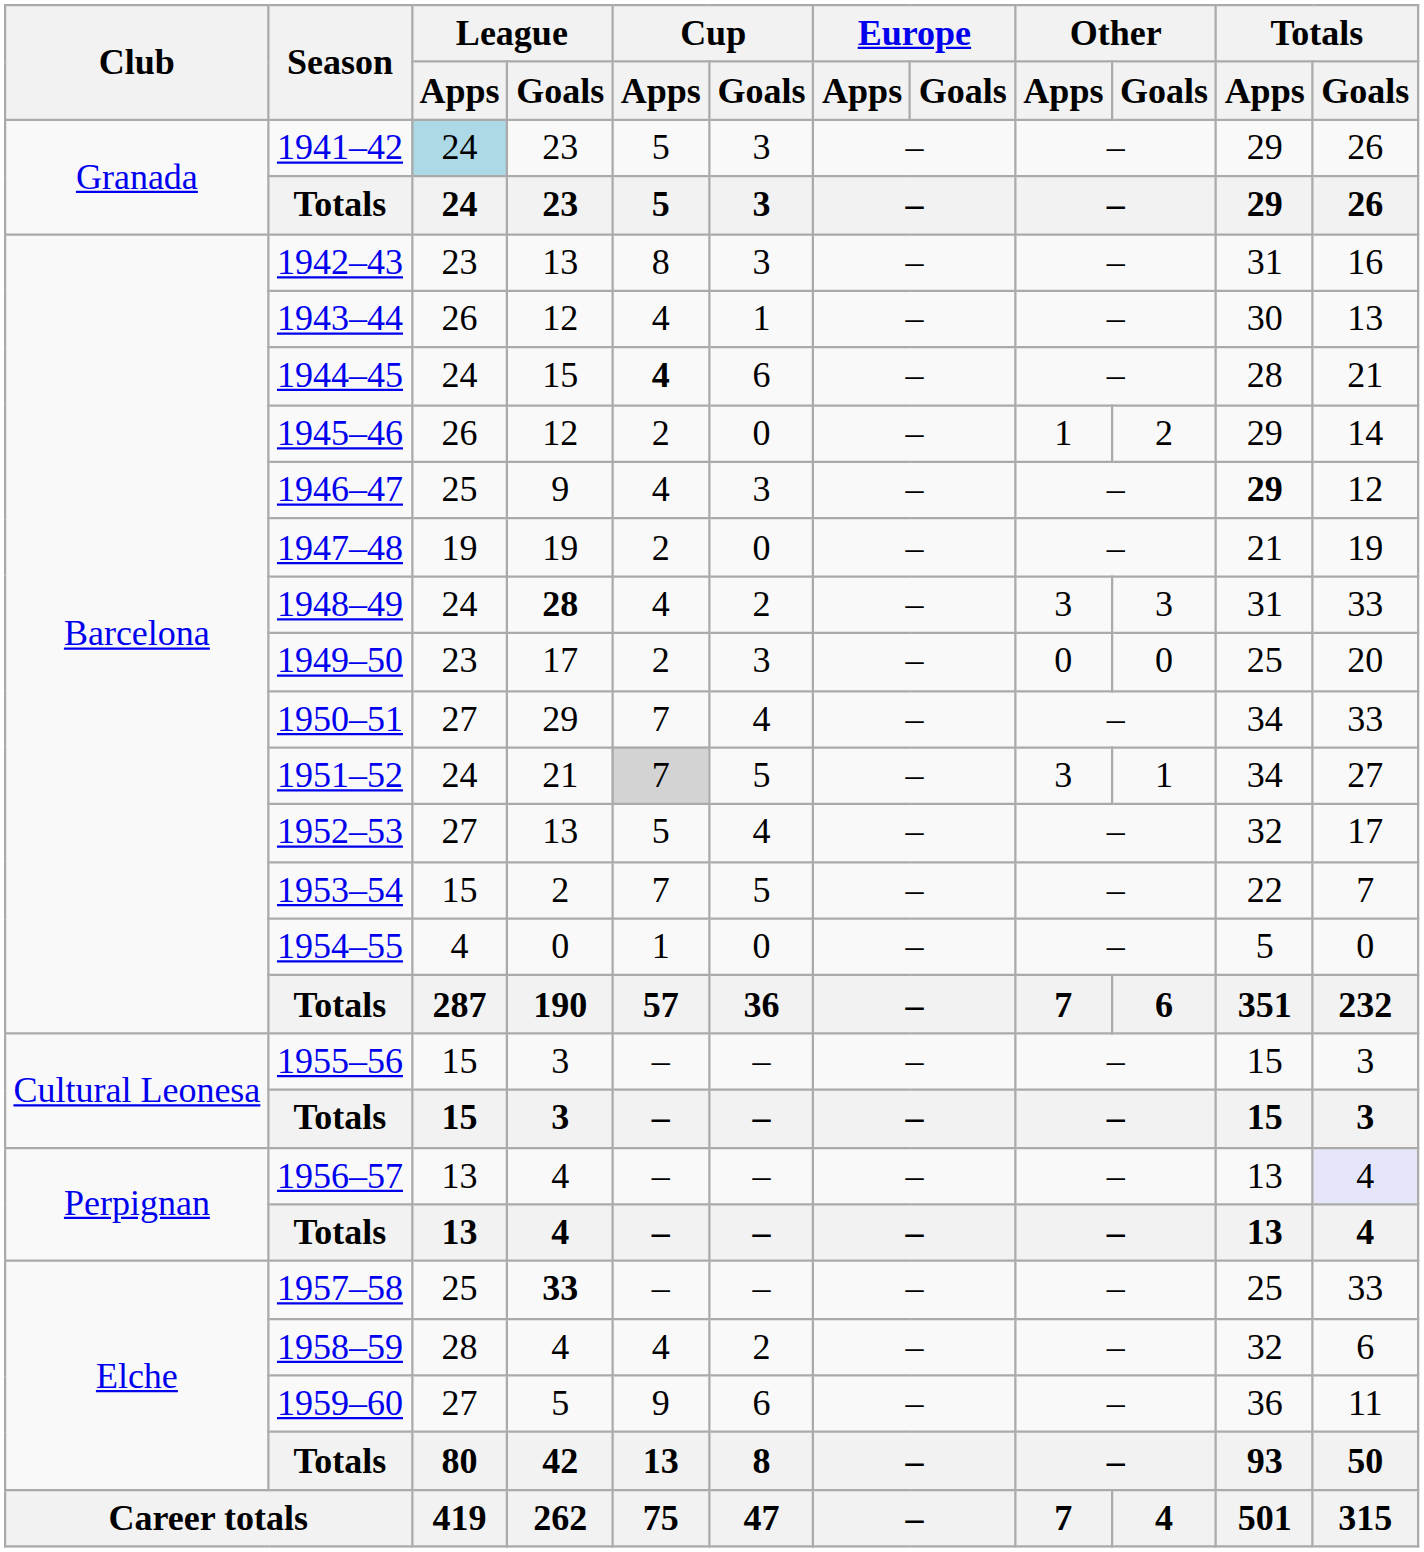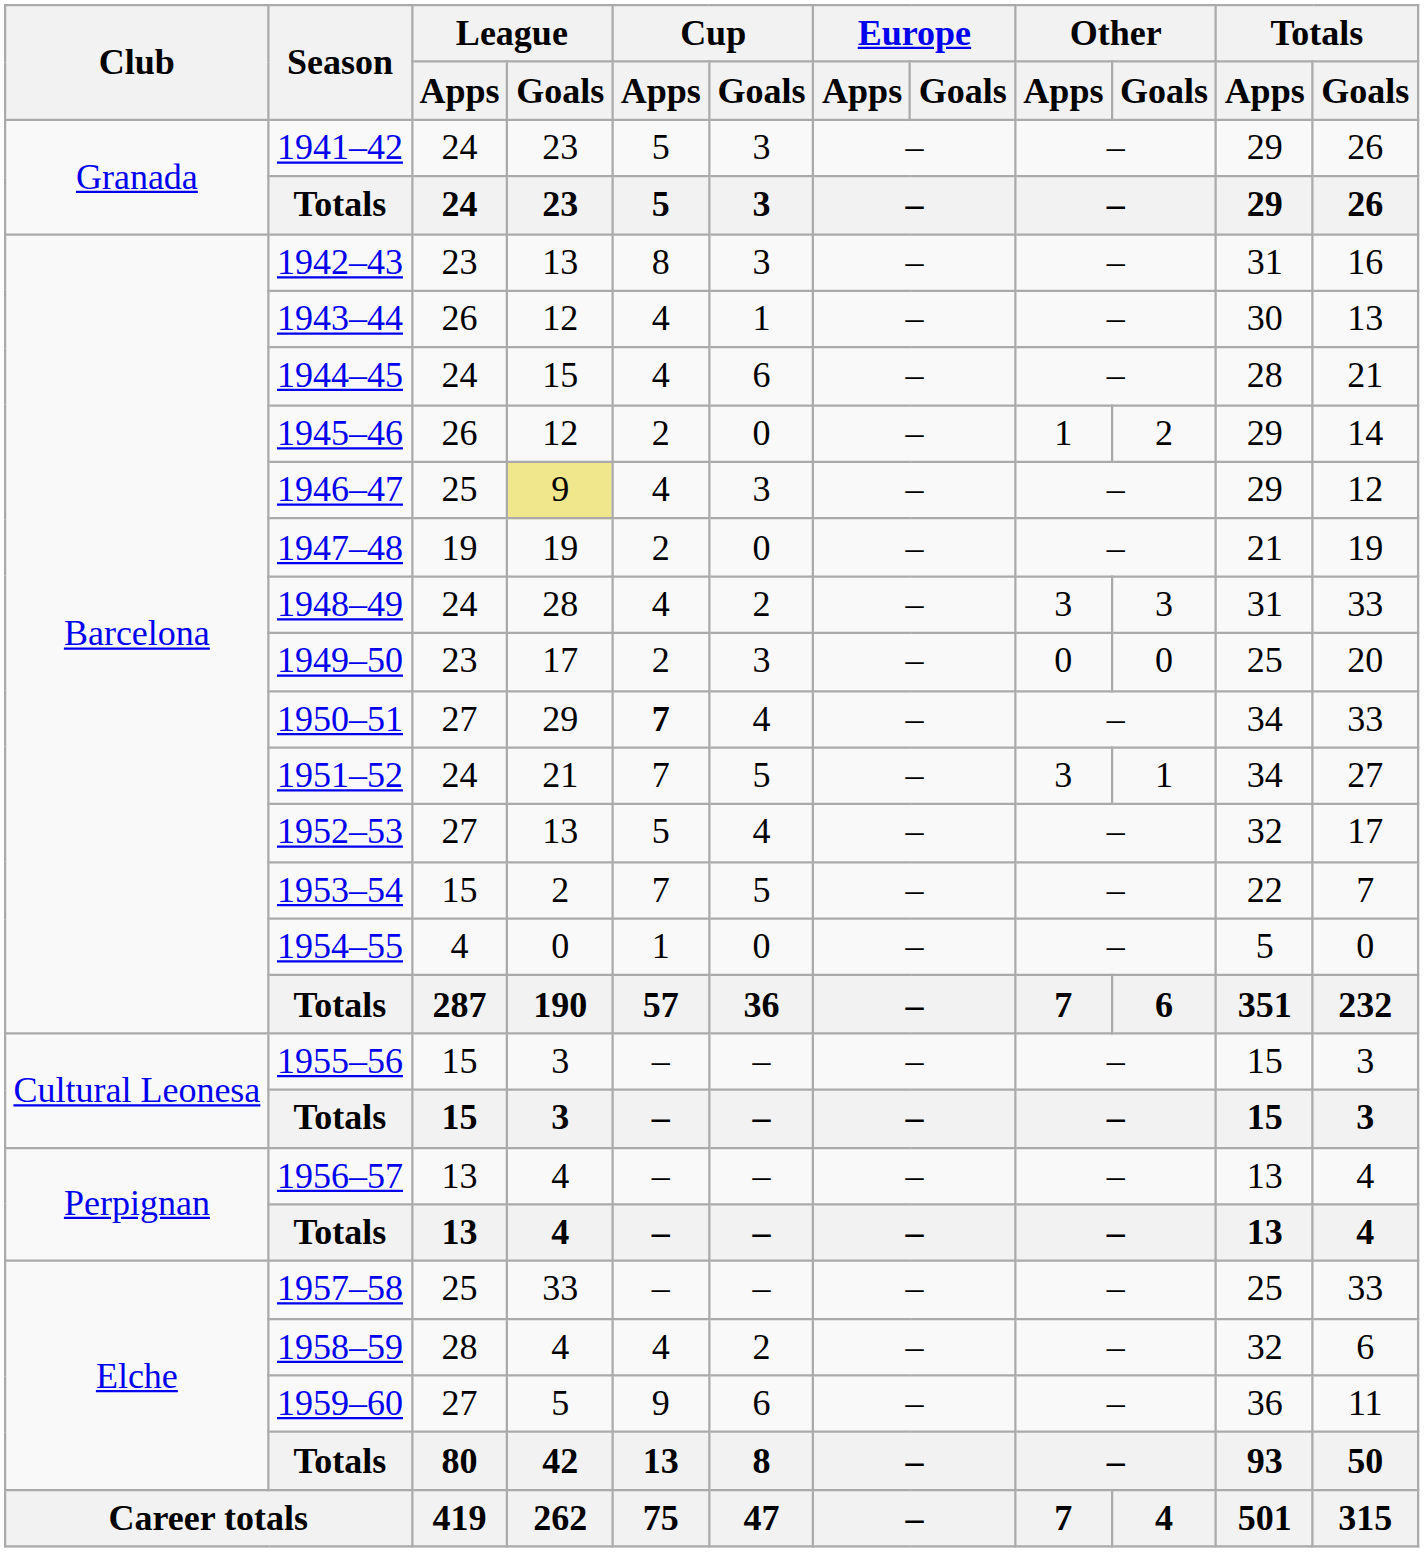 <table class="wikitable" style="text-align: center;">
 <tr>
 <th rowspan="2">Club</th>
 <th rowspan="2">Season</th>
 <th colspan="2">League</th>
 <th colspan="2">Cup</th>
 <th colspan="2"><a href='#'>Europe</a></th>
 <th colspan="2">Other</th>
 <th colspan="2">Totals</th>
 </tr>
 <tr>
 <th>Apps</th>
 <th>Goals</th>
 <th>Apps</th>
 <th>Goals</th>
 <th>Apps</th>
 <th>Goals</th>
 <th>Apps</th>
 <th>Goals</th>
 <th>Apps</th>
 <th>Goals</th>
 </tr>
 <tr>
 <td rowspan="2" valign="center"><a href='#'>Granada</a></td>
 <td><a href='#'>1941–42</a></td>
-<td style="background: lightblue;">24</td>
+<td>24</td>
 <td>23</td>
 <td>5</td>
 <td>3</td>
 <td colspan="2">–</td>
 <td colspan="2">–</td>
 <td>29</td>
 <td>26</td>
 </tr>
 <tr>
 <th>Totals</th>
 <th>24</th>
 <th>23</th>
 <th>5</th>
 <th>3</th>
 <th colspan="2">–</th>
 <th colspan="2">–</th>
 <th>29</th>
 <th>26</th>
 </tr>
 <tr>
 <td rowspan="14" valign="center"><a href='#'>Barcelona</a></td>
 <td><a href='#'>1942–43</a></td>
 <td>23</td>
 <td>13</td>
 <td>8</td>
 <td>3</td>
 <td colspan="2">–</td>
 <td colspan="2">–</td>
 <td>31</td>
 <td>16</td>
 </tr>
 <tr>
 <td><a href='#'>1943–44</a></td>
 <td>26</td>
 <td>12</td>
 <td>4</td>
 <td>1</td>
 <td colspan="2">–</td>
 <td colspan="2">–</td>
 <td>30</td>
 <td>13</td>
 </tr>
 <tr>
 <td><a href='#'>1944–45</a></td>
 <td>24</td>
 <td>15</td>
-<td><strong>4</strong></td>
+<td>4</td>
 <td>6</td>
 <td colspan="2">–</td>
 <td colspan="2">–</td>
 <td>28</td>
 <td>21</td>
 </tr>
 <tr>
 <td><a href='#'>1945–46</a></td>
 <td>26</td>
 <td>12</td>
 <td>2</td>
 <td>0</td>
 <td colspan="2">–</td>
 <td>1</td>
 <td>2</td>
 <td>29</td>
 <td>14</td>
 </tr>
 <tr>
 <td><a href='#'>1946–47</a></td>
 <td>25</td>
-<td>9</td>
+<td style="background: khaki;">9</td>
 <td>4</td>
 <td>3</td>
 <td colspan="2">–</td>
 <td colspan="2">–</td>
-<td><strong>29</strong></td>
+<td>29</td>
 <td>12</td>
 </tr>
 <tr>
 <td><a href='#'>1947–48</a></td>
 <td>19</td>
 <td>19</td>
 <td>2</td>
 <td>0</td>
 <td colspan="2">–</td>
 <td colspan="2">–</td>
 <td>21</td>
 <td>19</td>
 </tr>
 <tr>
 <td><a href='#'>1948–49</a></td>
 <td>24</td>
-<td><strong>28</strong></td>
+<td>28</td>
 <td>4</td>
 <td>2</td>
 <td colspan="2">–</td>
 <td>3</td>
 <td>3</td>
 <td>31</td>
 <td>33</td>
 </tr>
 <tr>
 <td><a href='#'>1949–50</a></td>
 <td>23</td>
 <td>17</td>
 <td>2</td>
 <td>3</td>
 <td colspan="2">–</td>
 <td>0</td>
 <td>0</td>
 <td>25</td>
 <td>20</td>
 </tr>
 <tr>
 <td><a href='#'>1950–51</a></td>
 <td>27</td>
 <td>29</td>
-<td>7</td>
+<td><strong>7</strong></td>
 <td>4</td>
 <td colspan="2">–</td>
 <td colspan="2">–</td>
 <td>34</td>
 <td>33</td>
 </tr>
 <tr>
 <td><a href='#'>1951–52</a></td>
 <td>24</td>
 <td>21</td>
-<td style="background: lightgrey;">7</td>
+<td>7</td>
 <td>5</td>
 <td colspan="2">–</td>
 <td>3</td>
 <td>1</td>
 <td>34</td>
 <td>27</td>
 </tr>
 <tr>
 <td><a href='#'>1952–53</a></td>
 <td>27</td>
 <td>13</td>
 <td>5</td>
 <td>4</td>
 <td colspan="2">–</td>
 <td colspan="2">–</td>
 <td>32</td>
 <td>17</td>
 </tr>
 <tr>
 <td><a href='#'>1953–54</a></td>
 <td>15</td>
 <td>2</td>
 <td>7</td>
 <td>5</td>
 <td colspan="2">–</td>
 <td colspan="2">–</td>
 <td>22</td>
 <td>7</td>
 </tr>
 <tr>
 <td><a href='#'>1954–55</a></td>
 <td>4</td>
 <td>0</td>
 <td>1</td>
 <td>0</td>
 <td colspan="2">–</td>
 <td colspan="2">–</td>
 <td>5</td>
 <td>0</td>
 </tr>
 <tr>
 <th>Totals</th>
 <th>287</th>
 <th>190</th>
 <th>57</th>
 <th>36</th>
 <th colspan="2">–</th>
 <th>7</th>
 <th>6</th>
 <th>351</th>
 <th>232</th>
 </tr>
 <tr>
 <td rowspan="2" valign="center"><a href='#'>Cultural Leonesa</a></td>
 <td><a href='#'>1955–56</a></td>
 <td>15</td>
 <td>3</td>
 <td>–</td>
 <td>–</td>
 <td colspan="2">–</td>
 <td colspan="2">–</td>
 <td>15</td>
 <td>3</td>
 </tr>
 <tr>
 <th>Totals</th>
 <th>15</th>
 <th>3</th>
 <th>–</th>
 <th>–</th>
 <th colspan="2">–</th>
 <th colspan="2">–</th>
 <th>15</th>
 <th>3</th>
 </tr>
 <tr>
 <td rowspan="2" valign="center"><a href='#'>Perpignan</a></td>
 <td><a href='#'>1956–57</a></td>
 <td>13</td>
 <td>4</td>
 <td>–</td>
 <td>–</td>
 <td colspan="2">–</td>
 <td colspan="2">–</td>
 <td>13</td>
-<td style="background: lavender;">4</td>
+<td>4</td>
 </tr>
 <tr>
 <th>Totals</th>
 <th>13</th>
 <th>4</th>
 <th>–</th>
 <th>–</th>
 <th colspan="2">–</th>
 <th colspan="2">–</th>
 <th>13</th>
 <th>4</th>
 </tr>
 <tr>
 <td rowspan="4" valign="center"><a href='#'>Elche</a></td>
 <td><a href='#'>1957–58</a></td>
 <td>25</td>
-<td><strong>33</strong></td>
+<td>33</td>
 <td>–</td>
 <td>–</td>
 <td colspan="2">–</td>
 <td colspan="2">–</td>
 <td>25</td>
 <td>33</td>
 </tr>
 <tr>
 <td><a href='#'>1958–59</a></td>
 <td>28</td>
 <td>4</td>
 <td>4</td>
 <td>2</td>
 <td colspan="2">–</td>
 <td colspan="2">–</td>
 <td>32</td>
 <td>6</td>
 </tr>
 <tr>
 <td><a href='#'>1959–60</a></td>
 <td>27</td>
 <td>5</td>
 <td>9</td>
 <td>6</td>
 <td colspan="2">–</td>
 <td colspan="2">–</td>
 <td>36</td>
 <td>11</td>
 </tr>
 <tr>
 <th>Totals</th>
 <th>80</th>
 <th>42</th>
 <th>13</th>
 <th>8</th>
 <th colspan="2">–</th>
 <th colspan="2">–</th>
 <th>93</th>
 <th>50</th>
 </tr>
 <tr>
 <th colspan="2">Career totals</th>
 <th>419</th>
 <th>262</th>
 <th>75</th>
 <th>47</th>
 <th colspan="2">–</th>
 <th>7</th>
 <th>4</th>
 <th>501</th>
 <th>315</th>
 </tr>
 </table>
